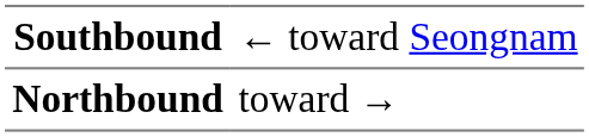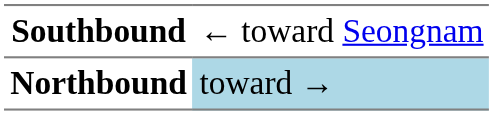 <table border="1" cellspacing="0" cellpadding="3" frame="hsides" rules="rows">
 <tr>
 <th><span>Southbound</span></th>
 <td>←  toward <a href='#'>Seongnam</a></td>
 </tr>
 <tr>
 <th><span>Northbound</span></th>
-<td>   toward  →</td>
+<td style="background: lightblue;">   toward  →</td>
 </tr>
 </table>
